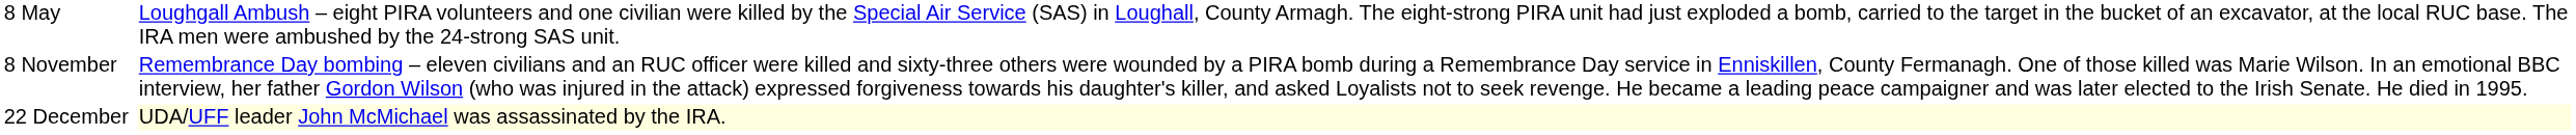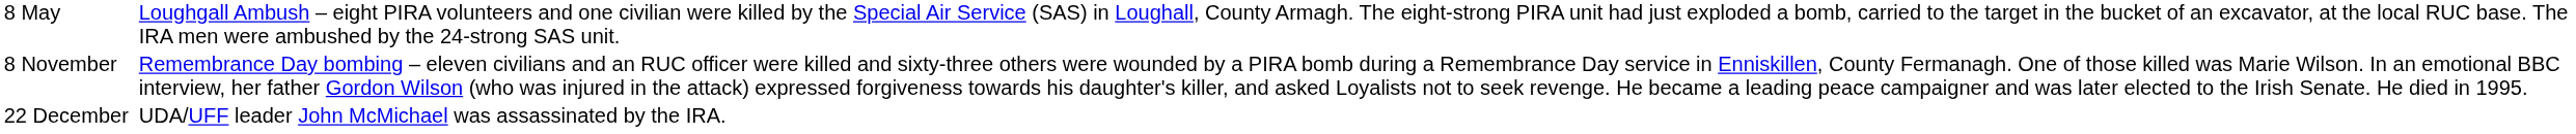 <table width=100%>
 <tr>
 <td style="width:100px; vertical-align:top;">8 May</td>
 <td><a href='#'>Loughgall Ambush</a> – eight PIRA volunteers and one civilian were killed by the <a href='#'>Special Air Service</a> (SAS) in <a href='#'>Loughall</a>, County Armagh. The eight-strong PIRA unit had just exploded a bomb, carried to the target in the bucket of an excavator, at the local RUC base. The IRA men were ambushed by the 24-strong SAS unit.</td>
 </tr>
 <tr>
 <td valign="top">8 November</td>
 <td><a href='#'>Remembrance Day bombing</a> – eleven civilians and an RUC officer were killed and sixty-three others were wounded by a PIRA bomb during a Remembrance Day service in <a href='#'>Enniskillen</a>, County Fermanagh. One of those killed was Marie Wilson. In an emotional BBC interview, her father <a href='#'>Gordon Wilson</a> (who was injured in the attack) expressed forgiveness towards his daughter's killer, and asked Loyalists not to seek revenge. He became a leading peace campaigner and was later elected to the Irish Senate. He died in 1995.</td>
 </tr>
 <tr>
 <td valign="top">22 December</td>
-<td style="background: lightyellow;">UDA/<a href='#'>UFF</a> leader <a href='#'>John McMichael</a> was assassinated by the IRA.</td>
+<td>UDA/<a href='#'>UFF</a> leader <a href='#'>John McMichael</a> was assassinated by the IRA.</td>
 </tr>
 </table>
